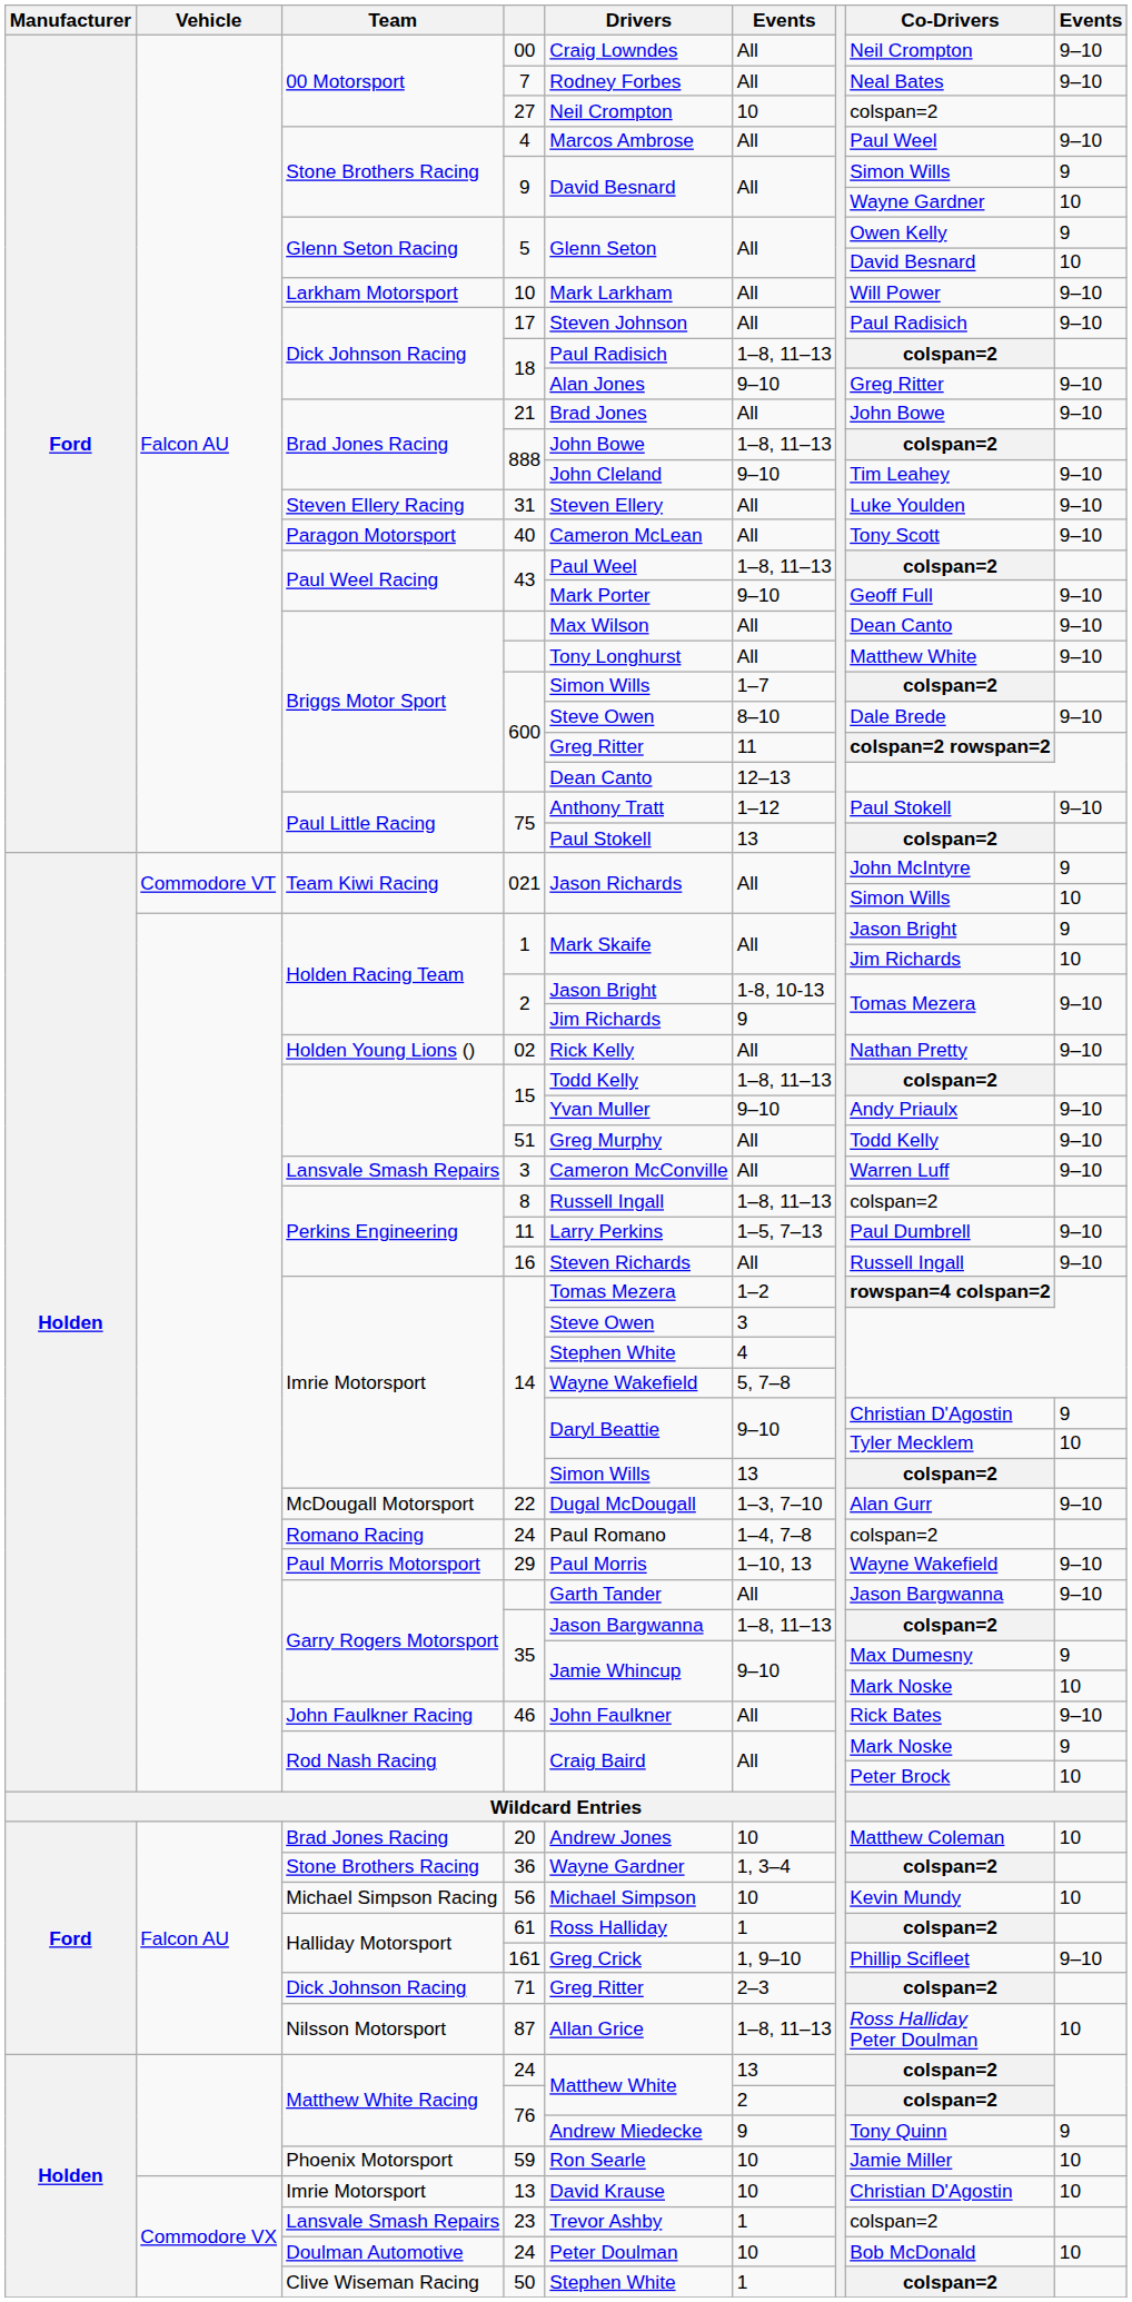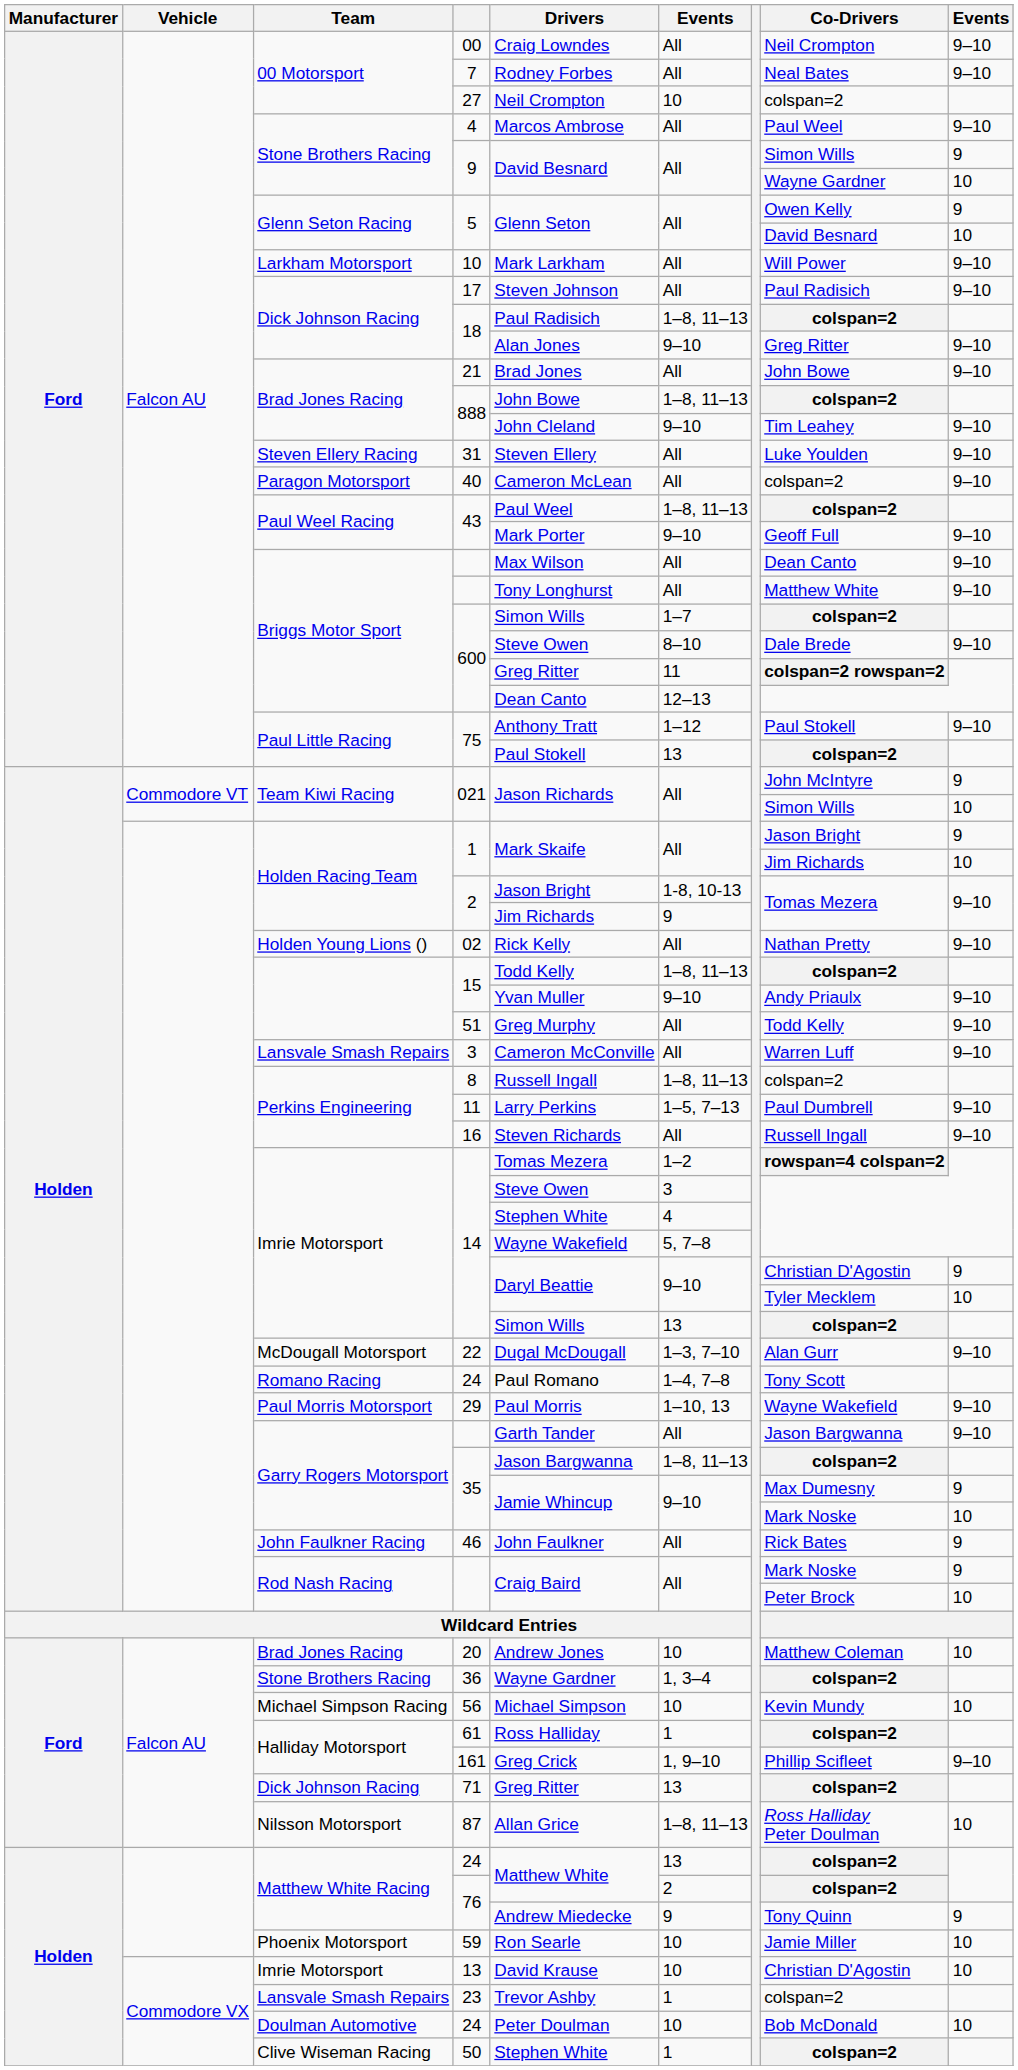 <table class="wikitable" style="font-size: 85%;">
 <tr>
 <th>Manufacturer</th>
 <th>Vehicle</th>
 <th>Team</th>
 <th></th>
 <th>Drivers</th>
 <th>Events</th>
 <th rowspan=80></th>
 <th>Co-Drivers</th>
 <th>Events</th>
 </tr>
 <tr>
 <th rowspan=27><a href='#'>Ford</a></th>
 <td rowspan=27><a href='#'>Falcon AU</a></td>
 <td rowspan=3><a href='#'>00 Motorsport</a></td>
 <td align=center>00</td>
 <td> <a href='#'>Craig Lowndes</a></td>
 <td>All</td>
 <td> <a href='#'>Neil Crompton</a></td>
 <td>9–10</td>
 </tr>
 <tr>
 <td align=center>7</td>
 <td> <a href='#'>Rodney Forbes</a></td>
 <td>All</td>
 <td> <a href='#'>Neal Bates</a></td>
 <td>9–10</td>
 </tr>
 <tr>
 <td align=center>27</td>
 <td> <a href='#'>Neil Crompton</a></td>
 <td>10</td>
 <td>colspan=2 </td>
 </tr>
 <tr>
 <td rowspan=3><a href='#'>Stone Brothers Racing</a></td>
 <td align=center>4</td>
 <td> <a href='#'>Marcos Ambrose</a></td>
 <td>All</td>
 <td> <a href='#'>Paul Weel</a></td>
 <td>9–10</td>
 </tr>
 <tr>
 <td align=center rowspan=2>9</td>
 <td rowspan=2> <a href='#'>David Besnard</a></td>
 <td rowspan=2>All</td>
 <td> <a href='#'>Simon Wills</a></td>
 <td>9</td>
 </tr>
 <tr>
 <td> <a href='#'>Wayne Gardner</a></td>
 <td>10</td>
 </tr>
 <tr>
 <td rowspan=2><a href='#'>Glenn Seton Racing</a></td>
 <td align=center rowspan=2>5</td>
 <td rowspan=2> <a href='#'>Glenn Seton</a></td>
 <td rowspan=2>All</td>
 <td> <a href='#'>Owen Kelly</a></td>
 <td>9</td>
 </tr>
 <tr>
 <td> <a href='#'>David Besnard</a></td>
 <td>10</td>
 </tr>
 <tr>
 <td><a href='#'>Larkham Motorsport</a></td>
 <td align=center>10</td>
 <td> <a href='#'>Mark Larkham</a></td>
 <td>All</td>
 <td> <a href='#'>Will Power</a></td>
 <td>9–10</td>
 </tr>
 <tr>
 <td rowspan=3><a href='#'>Dick Johnson Racing</a></td>
 <td align=center>17</td>
 <td> <a href='#'>Steven Johnson</a></td>
 <td>All</td>
 <td> <a href='#'>Paul Radisich</a></td>
 <td>9–10</td>
 </tr>
 <tr>
 <td align=center rowspan=2>18</td>
 <td> <a href='#'>Paul Radisich</a></td>
 <td>1–8, 11–13</td>
 <th>colspan=2 </th>
 </tr>
 <tr>
 <td> <a href='#'>Alan Jones</a></td>
 <td>9–10</td>
 <td> <a href='#'>Greg Ritter</a></td>
 <td>9–10</td>
 </tr>
 <tr>
 <td rowspan=3><a href='#'>Brad Jones Racing</a></td>
 <td align=center>21</td>
 <td> <a href='#'>Brad Jones</a></td>
 <td>All</td>
 <td> <a href='#'>John Bowe</a></td>
 <td>9–10</td>
 </tr>
 <tr>
 <td align=center rowspan=2>888</td>
 <td> <a href='#'>John Bowe</a></td>
 <td>1–8, 11–13</td>
 <th>colspan=2 </th>
 </tr>
 <tr>
 <td> <a href='#'>John Cleland</a></td>
 <td>9–10</td>
 <td> <a href='#'>Tim Leahey</a></td>
 <td>9–10</td>
 </tr>
 <tr>
 <td><a href='#'>Steven Ellery Racing</a></td>
 <td align=center>31</td>
 <td> <a href='#'>Steven Ellery</a></td>
 <td>All</td>
 <td> <a href='#'>Luke Youlden</a></td>
 <td>9–10</td>
 </tr>
 <tr>
 <td><a href='#'>Paragon Motorsport</a></td>
 <td align=center>40</td>
 <td> <a href='#'>Cameron McLean</a></td>
 <td>All</td>
-<td> <a href='#'>Tony Scott</a></td>
+<td>colspan=2 </td>
 <td>9–10</td>
 </tr>
 <tr>
 <td rowspan=2><a href='#'>Paul Weel Racing</a></td>
 <td align=center rowspan=2>43</td>
 <td> <a href='#'>Paul Weel</a></td>
 <td>1–8, 11–13</td>
 <th>colspan=2 </th>
 </tr>
 <tr>
 <td> <a href='#'>Mark Porter</a></td>
 <td>9–10</td>
 <td> <a href='#'>Geoff Full</a></td>
 <td>9–10</td>
 </tr>
 <tr>
 <td rowspan=6><a href='#'>Briggs Motor Sport</a></td>
 <td align=center></td>
 <td> <a href='#'>Max Wilson</a></td>
 <td>All</td>
 <td> <a href='#'>Dean Canto</a></td>
 <td>9–10</td>
 </tr>
 <tr>
 <td align=center></td>
 <td> <a href='#'>Tony Longhurst</a></td>
 <td>All</td>
 <td> <a href='#'>Matthew White</a></td>
 <td>9–10</td>
 </tr>
 <tr>
 <td align=center rowspan=4>600</td>
 <td> <a href='#'>Simon Wills</a></td>
 <td>1–7</td>
 <th>colspan=2 </th>
 </tr>
 <tr>
 <td> <a href='#'>Steve Owen</a></td>
 <td>8–10</td>
 <td> <a href='#'>Dale Brede</a></td>
 <td>9–10</td>
 </tr>
 <tr>
 <td> <a href='#'>Greg Ritter</a></td>
 <td>11</td>
 <th>colspan=2 rowspan=2 </th>
 </tr>
 <tr>
 <td> <a href='#'>Dean Canto</a></td>
 <td>12–13</td>
 </tr>
 <tr>
 <td rowspan=2><a href='#'>Paul Little Racing</a></td>
 <td align=center rowspan=2>75</td>
 <td> <a href='#'>Anthony Tratt</a></td>
 <td>1–12</td>
 <td> <a href='#'>Paul Stokell</a></td>
 <td>9–10</td>
 </tr>
 <tr>
 <td> <a href='#'>Paul Stokell</a></td>
 <td>13</td>
 <th>colspan=2 </th>
 </tr>
 <tr>
 <th rowspan=31><a href='#'>Holden</a></th>
 <td rowspan=2><a href='#'>Commodore VT</a></td>
 <td rowspan=2><a href='#'>Team Kiwi Racing</a></td>
 <td rowspan=2 align=center>021</td>
 <td rowspan=2> <a href='#'>Jason Richards</a></td>
 <td rowspan=2>All</td>
 <td> <a href='#'>John McIntyre</a></td>
 <td>9</td>
 </tr>
 <tr>
 <td> <a href='#'>Simon Wills</a></td>
 <td>10</td>
 </tr>
 <tr>
 <td rowspan=29></td>
 <td rowspan=4><a href='#'>Holden Racing Team</a></td>
 <td align=center rowspan=2>1</td>
 <td rowspan=2> <a href='#'>Mark Skaife</a></td>
 <td rowspan=2>All</td>
 <td> <a href='#'>Jason Bright</a></td>
 <td>9</td>
 </tr>
 <tr>
 <td> <a href='#'>Jim Richards</a></td>
 <td>10</td>
 </tr>
 <tr>
 <td align=center rowspan=2>2</td>
 <td> <a href='#'>Jason Bright</a></td>
 <td>1-8, 10-13</td>
 <td rowspan=2> <a href='#'>Tomas Mezera</a></td>
 <td rowspan=2>9–10</td>
 </tr>
 <tr>
 <td> <a href='#'>Jim Richards</a></td>
 <td>9</td>
 </tr>
 <tr>
 <td><a href='#'>Holden Young Lions</a> ()</td>
 <td align=center>02</td>
 <td> <a href='#'>Rick Kelly</a></td>
 <td>All</td>
 <td> <a href='#'>Nathan Pretty</a></td>
 <td>9–10</td>
 </tr>
 <tr>
 <td rowspan=3></td>
 <td align=center rowspan=2>15</td>
 <td> <a href='#'>Todd Kelly</a></td>
 <td>1–8, 11–13</td>
 <th>colspan=2 </th>
 </tr>
 <tr>
 <td> <a href='#'>Yvan Muller</a></td>
 <td>9–10</td>
 <td> <a href='#'>Andy Priaulx</a></td>
 <td>9–10</td>
 </tr>
 <tr>
 <td align=center>51</td>
 <td> <a href='#'>Greg Murphy</a></td>
 <td>All</td>
 <td> <a href='#'>Todd Kelly</a></td>
 <td>9–10</td>
 </tr>
 <tr>
 <td><a href='#'>Lansvale Smash Repairs</a></td>
 <td align=center>3</td>
 <td> <a href='#'>Cameron McConville</a></td>
 <td>All</td>
 <td> <a href='#'>Warren Luff</a></td>
 <td>9–10</td>
 </tr>
 <tr>
 <td rowspan=3><a href='#'>Perkins Engineering</a></td>
 <td align=center>8</td>
 <td> <a href='#'>Russell Ingall</a></td>
 <td>1–8, 11–13</td>
 <td>colspan=2 </td>
 </tr>
 <tr>
 <td align=center>11</td>
 <td> <a href='#'>Larry Perkins</a></td>
 <td>1–5, 7–13</td>
 <td> <a href='#'>Paul Dumbrell</a></td>
 <td>9–10</td>
 </tr>
 <tr>
 <td align=center>16</td>
 <td> <a href='#'>Steven Richards</a></td>
 <td>All</td>
 <td> <a href='#'>Russell Ingall</a></td>
 <td>9–10</td>
 </tr>
 <tr>
 <td rowspan=7>Imrie Motorsport</td>
 <td align=center rowspan=7>14</td>
 <td> <a href='#'>Tomas Mezera</a></td>
 <td>1–2</td>
 <th>rowspan=4 colspan=2 </th>
 </tr>
 <tr>
 <td> <a href='#'>Steve Owen</a></td>
 <td>3</td>
 </tr>
 <tr>
 <td> <a href='#'>Stephen White</a></td>
 <td>4</td>
 </tr>
 <tr>
 <td> <a href='#'>Wayne Wakefield</a></td>
 <td>5, 7–8</td>
 </tr>
 <tr>
 <td rowspan=2> <a href='#'>Daryl Beattie</a></td>
 <td rowspan=2>9–10</td>
 <td> <a href='#'>Christian D'Agostin</a></td>
 <td>9</td>
 </tr>
 <tr>
 <td> <a href='#'>Tyler Mecklem</a></td>
 <td>10</td>
 </tr>
 <tr>
 <td> <a href='#'>Simon Wills</a></td>
 <td>13</td>
 <th>colspan=2 </th>
 </tr>
 <tr>
 <td>McDougall Motorsport</td>
 <td align=center>22</td>
 <td> <a href='#'>Dugal McDougall</a></td>
 <td>1–3, 7–10</td>
 <td> <a href='#'>Alan Gurr</a></td>
 <td>9–10</td>
 </tr>
 <tr>
 <td><a href='#'>Romano Racing</a></td>
 <td align=center>24</td>
 <td> Paul Romano</td>
 <td>1–4, 7–8</td>
-<td>colspan=2 </td>
+<td> <a href='#'>Tony Scott</a></td>
 </tr>
 <tr>
 <td><a href='#'>Paul Morris Motorsport</a></td>
 <td align=center>29</td>
 <td> <a href='#'>Paul Morris</a></td>
 <td>1–10, 13</td>
 <td> <a href='#'>Wayne Wakefield</a></td>
 <td>9–10</td>
 </tr>
 <tr>
 <td rowspan=4><a href='#'>Garry Rogers Motorsport</a></td>
 <td align=center></td>
 <td> <a href='#'>Garth Tander</a></td>
 <td>All</td>
 <td> <a href='#'>Jason Bargwanna</a></td>
 <td>9–10</td>
 </tr>
 <tr>
 <td align=center rowspan=3>35</td>
 <td> <a href='#'>Jason Bargwanna</a></td>
 <td>1–8, 11–13</td>
 <th>colspan=2 </th>
 </tr>
 <tr>
 <td rowspan=2> <a href='#'>Jamie Whincup</a></td>
 <td rowspan=2>9–10</td>
 <td> <a href='#'>Max Dumesny</a></td>
 <td>9</td>
 </tr>
 <tr>
 <td> <a href='#'>Mark Noske</a></td>
 <td>10</td>
 </tr>
 <tr>
 <td><a href='#'>John Faulkner Racing</a></td>
 <td align=center>46</td>
 <td> <a href='#'>John Faulkner</a></td>
 <td>All</td>
 <td> <a href='#'>Rick Bates</a></td>
-<td>9–10</td>
+<td>9</td>
 </tr>
 <tr>
 <td rowspan=2><a href='#'>Rod Nash Racing</a></td>
 <td rowspan=2 align=center></td>
 <td rowspan=2> <a href='#'>Craig Baird</a></td>
 <td rowspan=2>All</td>
 <td> <a href='#'>Mark Noske</a></td>
 <td>9</td>
 </tr>
 <tr>
 <td> <a href='#'>Peter Brock</a></td>
 <td>10</td>
 </tr>
 <tr>
 <th colspan=9>Wildcard Entries</th>
 </tr>
 <tr>
 <th rowspan=7><a href='#'>Ford</a></th>
 <td rowspan=7><a href='#'>Falcon AU</a></td>
 <td><a href='#'>Brad Jones Racing</a></td>
 <td align=center>20</td>
 <td> <a href='#'>Andrew Jones</a></td>
 <td>10</td>
 <td> <a href='#'>Matthew Coleman</a></td>
 <td>10</td>
 </tr>
 <tr>
 <td><a href='#'>Stone Brothers Racing</a></td>
 <td align=center>36</td>
 <td> <a href='#'>Wayne Gardner</a></td>
 <td>1, 3–4</td>
 <th>colspan=2 </th>
 </tr>
 <tr>
 <td>Michael Simpson Racing</td>
 <td align=center>56</td>
 <td> <a href='#'>Michael Simpson</a></td>
 <td>10</td>
 <td> <a href='#'>Kevin Mundy</a></td>
 <td>10</td>
 </tr>
 <tr>
 <td rowspan=2>Halliday Motorsport</td>
 <td align=center>61</td>
 <td> <a href='#'>Ross Halliday</a></td>
 <td>1</td>
 <th>colspan=2 </th>
 </tr>
 <tr>
 <td align=center>161</td>
 <td> <a href='#'>Greg Crick</a></td>
 <td>1, 9–10</td>
 <td> <a href='#'>Phillip Scifleet</a></td>
 <td>9–10</td>
 </tr>
 <tr>
 <td><a href='#'>Dick Johnson Racing</a></td>
 <td align=center>71</td>
 <td> <a href='#'>Greg Ritter</a></td>
-<td>2–3</td>
+<td>13</td>
 <th>colspan=2 </th>
 </tr>
 <tr>
 <td>Nilsson Motorsport</td>
 <td align=center>87</td>
 <td> <a href='#'>Allan Grice</a></td>
 <td>1–8, 11–13</td>
 <td> <em><a href='#'>Ross Halliday</a></em><br> <a href='#'>Peter Doulman</a></td>
 <td>10</td>
 </tr>
 <tr>
 <th rowspan=8><a href='#'>Holden</a></th>
 <td rowspan=4></td>
 <td rowspan=3><a href='#'>Matthew White Racing</a></td>
 <td align=center>24</td>
 <td rowspan=2> <a href='#'>Matthew White</a></td>
 <td>13</td>
 <th>colspan=2 </th>
 </tr>
 <tr>
 <td align=center rowspan=2>76</td>
 <td>2</td>
 <th>colspan=2 </th>
 </tr>
 <tr>
 <td> <a href='#'>Andrew Miedecke</a></td>
 <td>9</td>
 <td> <a href='#'>Tony Quinn</a></td>
 <td>9</td>
 </tr>
 <tr>
 <td>Phoenix Motorsport</td>
 <td align=center>59</td>
 <td> <a href='#'>Ron Searle</a></td>
 <td>10</td>
 <td> <a href='#'>Jamie Miller</a></td>
 <td>10</td>
 </tr>
 <tr>
 <td rowspan=4><a href='#'>Commodore VX</a></td>
 <td>Imrie Motorsport</td>
 <td align=center>13</td>
 <td> <a href='#'>David Krause</a></td>
 <td>10</td>
 <td> <a href='#'>Christian D'Agostin</a></td>
 <td>10</td>
 </tr>
 <tr>
 <td><a href='#'>Lansvale Smash Repairs</a></td>
 <td align=center>23</td>
 <td> <a href='#'>Trevor Ashby</a></td>
 <td>1</td>
 <td>colspan=2 </td>
 </tr>
 <tr>
 <td><a href='#'>Doulman Automotive</a></td>
 <td align=center>24</td>
 <td> <a href='#'>Peter Doulman</a></td>
 <td>10</td>
 <td> <a href='#'>Bob McDonald</a></td>
 <td>10</td>
 </tr>
 <tr>
 <td>Clive Wiseman Racing</td>
 <td align=center>50</td>
 <td> <a href='#'>Stephen White</a></td>
 <td>1</td>
 <th>colspan=2 </th>
 </tr>
 </table>
